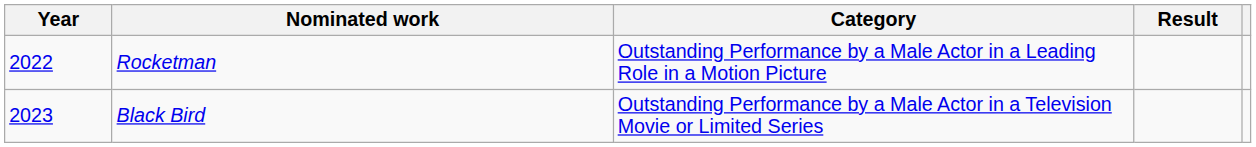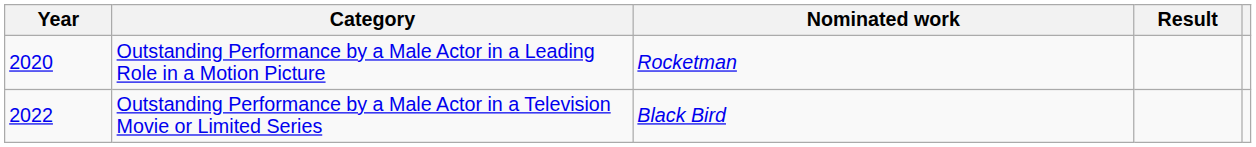 <table class=wikitable>
 <tr>
 <th scope="col" style="width:5em;">Year</th>
+<th scope="col" style="width:26em;">Category</th>
 <th scope="col" style="width:25em;">Nominated work</th>
-<th scope="col" style="width:26em;">Category</th>
 <th scope="col" style="width:5em;">Result</th>
 <th></th>
 </tr>
 <tr>
-<td><a href='#'>2022</a></td>
+<td><a href='#'>2020</a></td>
+<td><a href='#'>Outstanding Performance by a Male Actor in a Leading Role in a Motion Picture</a></td>
 <td><em><a href='#'>Rocketman</a></em></td>
-<td><a href='#'>Outstanding Performance by a Male Actor in a Leading Role in a Motion Picture</a></td>
 <td></td>
 <td align="center"></td>
 </tr>
 <tr>
-<td><a href='#'>2023</a></td>
+<td><a href='#'>2022</a></td>
+<td><a href='#'>Outstanding Performance by a Male Actor in a Television Movie or Limited Series</a></td>
 <td><em><a href='#'>Black Bird</a></em></td>
-<td><a href='#'>Outstanding Performance by a Male Actor in a Television Movie or Limited Series</a></td>
 <td></td>
 <td align="center"></td>
 </tr>
 </table>
